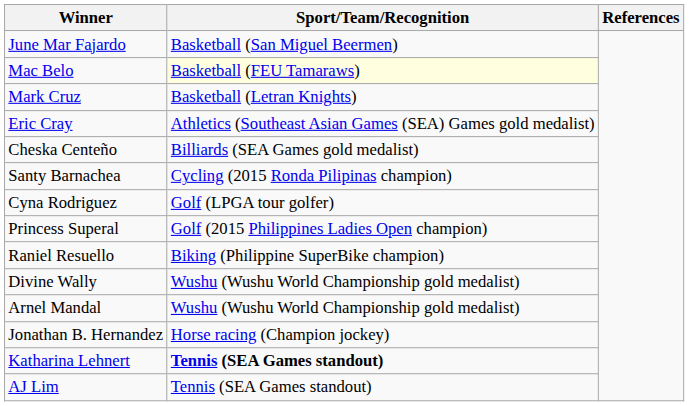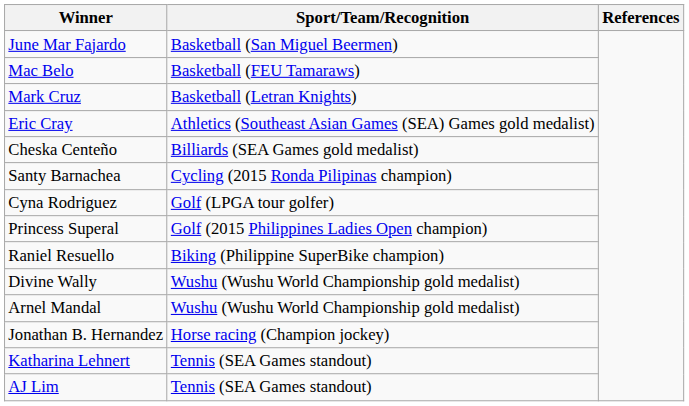 <table class="wikitable">
 <tr>
 <th>Winner</th>
 <th>Sport/Team/Recognition</th>
 <th>References</th>
 </tr>
 <tr>
 <td><a href='#'>June Mar Fajardo</a></td>
 <td><a href='#'>Basketball</a> (<a href='#'>San Miguel Beermen</a>)</td>
 <td rowspan=14></td>
 </tr>
 <tr>
 <td><a href='#'>Mac Belo</a></td>
-<td style="background: lightyellow;"><a href='#'>Basketball</a> (<a href='#'>FEU Tamaraws</a>)</td>
+<td><a href='#'>Basketball</a> (<a href='#'>FEU Tamaraws</a>)</td>
 </tr>
 <tr>
 <td><a href='#'>Mark Cruz</a></td>
 <td><a href='#'>Basketball</a> (<a href='#'>Letran Knights</a>)</td>
 </tr>
 <tr>
 <td><a href='#'>Eric Cray</a></td>
 <td><a href='#'>Athletics</a> (<a href='#'>Southeast Asian Games</a> (SEA) Games gold medalist)</td>
 </tr>
 <tr>
 <td>Cheska Centeño</td>
 <td><a href='#'>Billiards</a> (SEA Games gold medalist)</td>
 </tr>
 <tr>
 <td>Santy Barnachea</td>
 <td><a href='#'>Cycling</a> (2015 <a href='#'>Ronda Pilipinas</a> champion)</td>
 </tr>
 <tr>
 <td>Cyna Rodriguez</td>
 <td><a href='#'>Golf</a> (LPGA tour golfer)</td>
 </tr>
 <tr>
 <td>Princess Superal</td>
 <td><a href='#'>Golf</a> (2015 <a href='#'>Philippines Ladies Open</a> champion)</td>
 </tr>
 <tr>
 <td>Raniel Resuello</td>
 <td><a href='#'>Biking</a> (Philippine SuperBike champion)</td>
 </tr>
 <tr>
 <td>Divine Wally</td>
 <td><a href='#'>Wushu</a> (Wushu World Championship gold medalist)</td>
 </tr>
 <tr>
 <td>Arnel Mandal</td>
 <td><a href='#'>Wushu</a> (Wushu World Championship gold medalist)</td>
 </tr>
 <tr>
 <td>Jonathan B. Hernandez</td>
 <td><a href='#'>Horse racing</a> (Champion jockey)</td>
 </tr>
 <tr>
 <td><a href='#'>Katharina Lehnert</a></td>
-<td><strong><a href='#'>Tennis</a> (SEA Games standout)</strong></td>
+<td><a href='#'>Tennis</a> (SEA Games standout)</td>
 </tr>
 <tr>
 <td><a href='#'>AJ Lim</a></td>
 <td><a href='#'>Tennis</a> (SEA Games standout)</td>
 </tr>
 </table>
